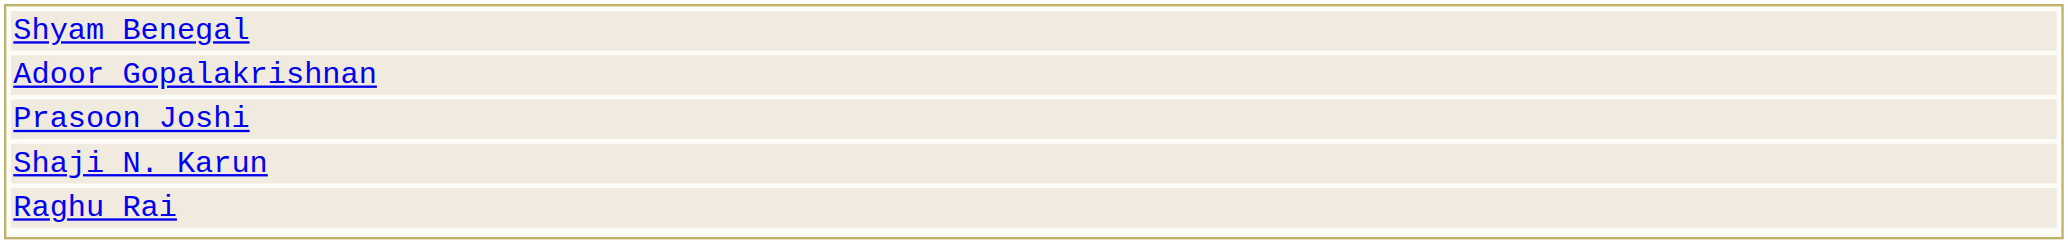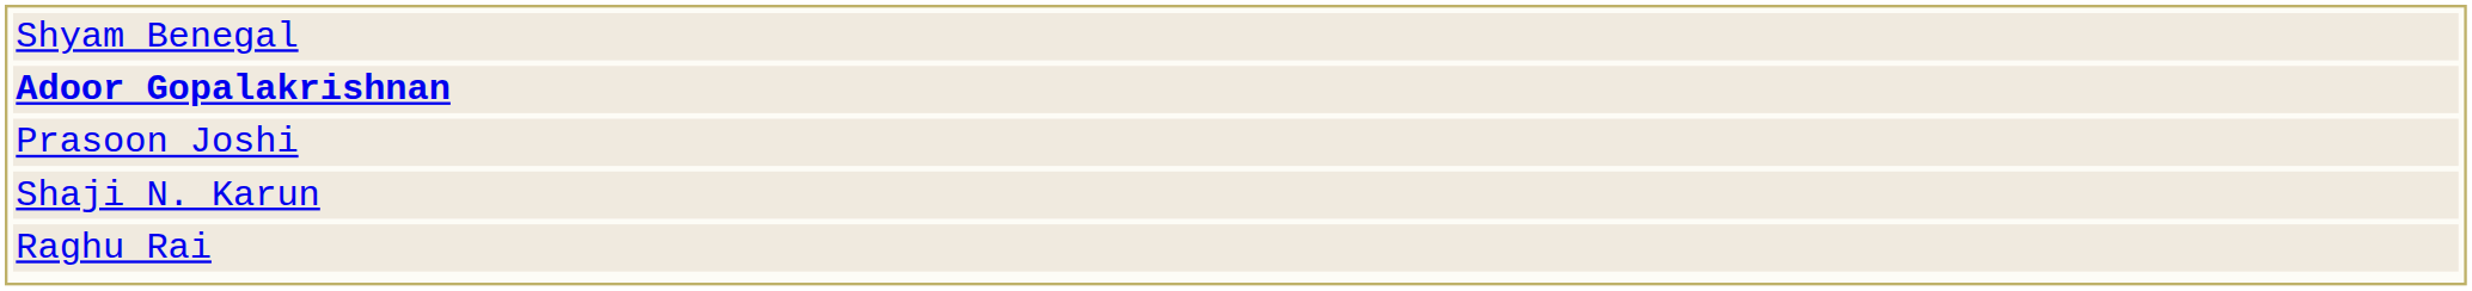 <table style="width:100%;border: 1px solid #BEB168;background-color:#FDFCF6;">
 <tr>
 <td style="background-color:#F0EADF;"> <a href='#'>Shyam Benegal</a></td>
 </tr>
 <tr>
-<td style="background-color:#F0EADF;"> <a href='#'>Adoor Gopalakrishnan</a></td>
+<td style="background-color:#F0EADF;"><strong> <a href='#'>Adoor Gopalakrishnan</a></strong></td>
 </tr>
 <tr>
 <td style="background-color:#F0EADF;"> <a href='#'>Prasoon Joshi</a></td>
 </tr>
 <tr>
 <td style="background-color:#F0EADF;"> <a href='#'>Shaji N. Karun</a></td>
 </tr>
 <tr>
 <td style="background-color:#F0EADF;"> <a href='#'>Raghu Rai</a></td>
 </tr>
 <tr>
 </tr>
 </table>
